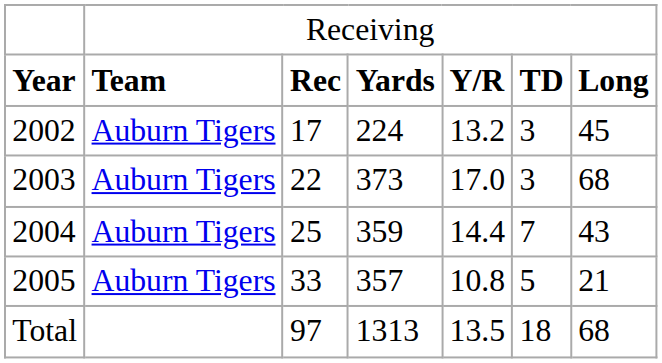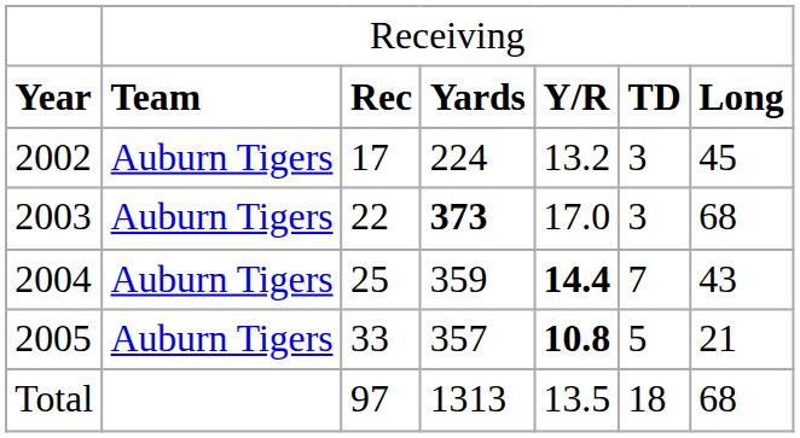 <table class="wikitable" style="background:#fff;">
 <tr>
 <td></td>
 <td colspan="7" style="text-align:center;">Receiving</td>
 </tr>
 <tr>
 <td><strong>Year</strong></td>
 <td><strong>Team</strong></td>
 <td><strong>Rec</strong></td>
 <td><strong>Yards</strong></td>
 <td><strong>Y/R</strong></td>
 <td><strong>TD</strong></td>
 <td><strong>Long</strong></td>
 </tr>
 <tr>
 <td>2002</td>
 <td><a href='#'>Auburn Tigers</a></td>
 <td>17</td>
 <td>224</td>
 <td>13.2</td>
 <td>3</td>
 <td>45</td>
 </tr>
 <tr>
 <td>2003</td>
 <td><a href='#'>Auburn Tigers</a></td>
 <td>22</td>
-<td>373</td>
+<td><strong>373</strong></td>
 <td>17.0</td>
 <td>3</td>
 <td>68</td>
 </tr>
 <tr>
 <td>2004</td>
 <td><a href='#'>Auburn Tigers</a></td>
 <td>25</td>
 <td>359</td>
-<td>14.4</td>
+<td><strong>14.4</strong></td>
 <td>7</td>
 <td>43</td>
 </tr>
 <tr>
 <td>2005</td>
 <td><a href='#'>Auburn Tigers</a></td>
 <td>33</td>
 <td>357</td>
-<td>10.8</td>
+<td><strong>10.8</strong></td>
 <td>5</td>
 <td>21</td>
 </tr>
 <tr>
 <td>Total</td>
 <td></td>
 <td>97</td>
 <td>1313</td>
 <td>13.5</td>
 <td>18</td>
 <td>68</td>
 </tr>
 </table>
